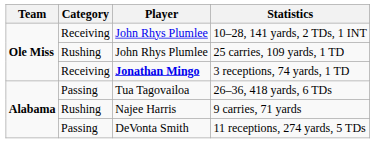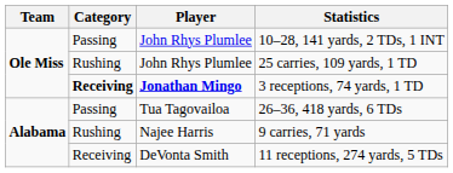 <table class="wikitable" style="float: right;">
 <tr>
 <th>Team</th>
 <th>Category</th>
 <th>Player</th>
 <th>Statistics</th>
 </tr>
 <tr>
 <td rowspan=3><strong>Ole Miss</strong></td>
-<td>Receiving</td>
+<td>Passing</td>
 <td><a href='#'>John Rhys Plumlee</a></td>
 <td>10–28, 141 yards, 2 TDs, 1 INT</td>
 </tr>
 <tr>
 <td>Rushing</td>
 <td>John Rhys Plumlee</td>
 <td>25 carries, 109 yards, 1 TD</td>
 </tr>
 <tr>
-<td>Receiving</td>
+<td><strong>Receiving</strong></td>
 <td><strong><a href='#'>Jonathan Mingo</a></strong></td>
 <td>3 receptions, 74 yards, 1 TD</td>
 </tr>
 <tr>
 <td rowspan=3><strong>Alabama</strong></td>
 <td>Passing</td>
 <td>Tua Tagovailoa</td>
 <td>26–36, 418 yards, 6 TDs</td>
 </tr>
 <tr>
 <td>Rushing</td>
 <td>Najee Harris</td>
 <td>9 carries, 71 yards</td>
 </tr>
 <tr>
-<td>Passing</td>
+<td>Receiving</td>
 <td>DeVonta Smith</td>
 <td>11 receptions, 274 yards, 5 TDs</td>
 </tr>
 </table>
